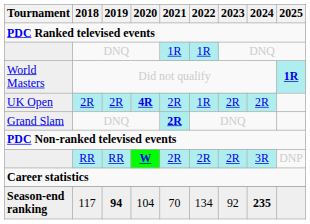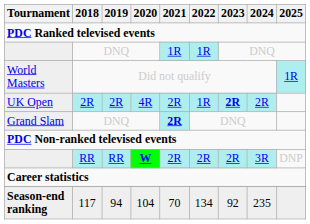 <table class="wikitable" style="width:20%; margin:0">
 <tr>
 <th>Tournament</th>
 <th>2018</th>
 <th>2019</th>
 <th>2020</th>
 <th>2021</th>
 <th>2022</th>
 <th>2023</th>
 <th>2024</th>
 <th>2025</th>
 </tr>
 <tr>
 <td colspan="31" align="left"><strong><a href='#'>PDC</a> Ranked televised events</strong></td>
 </tr>
 <tr>
 <td style="background:#efefef;"></td>
 <td colspan="3" style="text-align:center; color:#ccc;">DNQ</td>
 <td style="text-align:center; background:#afeeee;"><a href='#'>1R</a></td>
 <td style="text-align:center; background:#afeeee;"><a href='#'>1R</a></td>
 <td colspan="3" style="text-align:center; color:#ccc;">DNQ</td>
 </tr>
 <tr>
 <td style="background:#efefef;"><a href='#'>World Masters</a></td>
 <td colspan="7" style="text-align:center; color:#ccc;">Did not qualify</td>
-<td style="text-align:center; background:#afeeee;"><strong><a href='#'>1R</a></strong></td>
+<td style="text-align:center; background:#afeeee;"><a href='#'>1R</a></td>
 </tr>
 <tr>
 <td style="background:#efefef;"><a href='#'>UK Open</a></td>
 <td style="text-align:center; background:#afeeee;"><a href='#'>2R</a></td>
 <td style="text-align:center; background:#afeeee;"><a href='#'>2R</a></td>
-<td style="text-align:center; background:#afeeee;"><strong><a href='#'>4R</a></strong></td>
+<td style="text-align:center; background:#afeeee;"><a href='#'>4R</a></td>
 <td style="text-align:center; background:#afeeee;"><a href='#'>2R</a></td>
 <td style="text-align:center; background:#afeeee;"><a href='#'>1R</a></td>
-<td style="text-align:center; background:#afeeee;"><a href='#'>2R</a></td>
+<td style="text-align:center; background:#afeeee;"><strong><a href='#'>2R</a></strong></td>
 <td style="text-align:center; background:#afeeee;"><a href='#'>2R</a></td>
 <td></td>
 </tr>
 <tr>
 <td style="background:#efefef;"><a href='#'>Grand Slam</a></td>
 <td colspan="3" style="text-align:center; color:#ccc;">DNQ</td>
 <td style="text-align:center; background:#afeeee;"><strong><a href='#'>2R</a></strong></td>
 <td colspan="3" style="text-align:center; color:#ccc;">DNQ</td>
 <td></td>
 </tr>
 <tr>
 <td colspan="16" align="left"><strong><a href='#'>PDC</a> Non-ranked televised events</strong></td>
 </tr>
 <tr>
 <td style="background:#efefef;"></td>
 <td style="text-align:center; background:#afeeee;"><a href='#'>RR</a></td>
 <td style="text-align:center; background:#afeeee;"><a href='#'>RR</a></td>
 <td style="text-align:center; background:lime;"><a href='#'><strong>W</strong></a></td>
 <td style="text-align:center; background:#afeeee;"><a href='#'>2R</a></td>
 <td style="text-align:center; background:#afeeee;"><a href='#'>2R</a></td>
 <td style="text-align:center; background:#afeeee;"><a href='#'>2R</a></td>
 <td style="text-align:center; background:#afeeee;"><a href='#'>3R</a></td>
 <td style="text-align:center; color:#ccc;">DNP</td>
 </tr>
 <tr>
 <td colspan="9" align="left"><strong>Career statistics</strong></td>
 </tr>
 <tr>
 </tr>
 <tr bgcolor="efefef">
 <td align="left"><strong>Season-end ranking</strong></td>
 <td style="text-align:center;">117</td>
-<td style="text-align:center;"><strong>94</strong></td>
+<td style="text-align:center;">94</td>
 <td style="text-align:center;">104</td>
 <td style="text-align:center;">70</td>
 <td style="text-align:center;">134</td>
 <td style="text-align:center;">92</td>
-<td style="text-align:center;"><strong>235</strong></td>
+<td style="text-align:center;">235</td>
 <td></td>
 </tr>
 </table>
